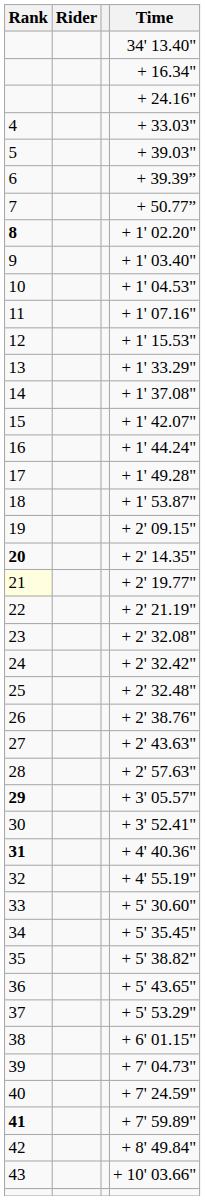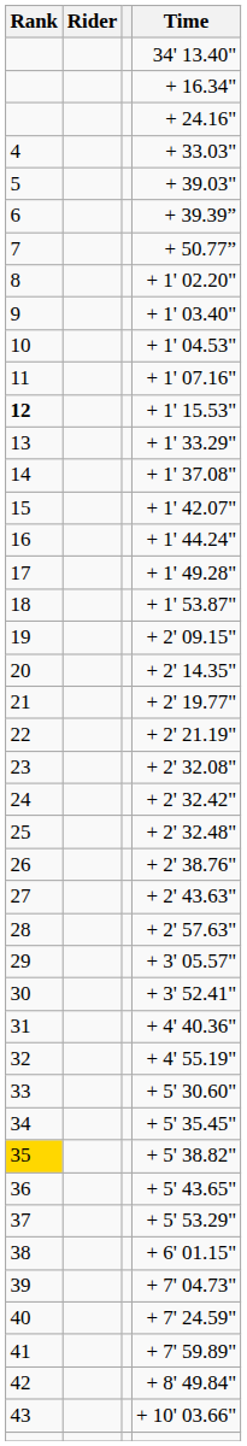 <table class="wikitable sortable">
 <tr>
 <th>Rank</th>
 <th>Rider</th>
 <th></th>
 <th>Time</th>
 </tr>
 <tr>
 <td></td>
 <td></td>
 <td></td>
 <td align="right">34' 13.40"</td>
 </tr>
 <tr>
 <td></td>
 <td></td>
 <td></td>
 <td align="right">+ 16.34"</td>
 </tr>
 <tr>
 <td></td>
 <td></td>
 <td></td>
 <td align="right">+ 24.16"</td>
 </tr>
 <tr>
 <td>4</td>
 <td></td>
 <td></td>
 <td align="right">+ 33.03"</td>
 </tr>
 <tr>
 <td>5</td>
 <td></td>
 <td></td>
 <td align="right">+ 39.03"</td>
 </tr>
 <tr>
 <td>6</td>
 <td></td>
 <td></td>
 <td align="right">+ 39.39”</td>
 </tr>
 <tr>
 <td>7</td>
 <td></td>
 <td></td>
 <td align="right">+ 50.77”</td>
 </tr>
 <tr>
-<td><strong>8</strong></td>
+<td>8</td>
 <td></td>
 <td></td>
 <td align="right">+ 1' 02.20"</td>
 </tr>
 <tr>
 <td>9</td>
 <td></td>
 <td></td>
 <td align="right">+ 1' 03.40"</td>
 </tr>
 <tr>
 <td>10</td>
 <td></td>
 <td></td>
 <td align="right">+ 1' 04.53"</td>
 </tr>
 <tr>
 <td>11</td>
 <td></td>
 <td></td>
 <td align="right">+ 1' 07.16"</td>
 </tr>
 <tr>
-<td>12</td>
+<td><strong>12</strong></td>
 <td></td>
 <td></td>
 <td align="right">+ 1' 15.53"</td>
 </tr>
 <tr>
 <td>13</td>
 <td></td>
 <td></td>
 <td align="right">+ 1' 33.29"</td>
 </tr>
 <tr>
 <td>14</td>
 <td></td>
 <td></td>
 <td align="right">+ 1' 37.08"</td>
 </tr>
 <tr>
 <td>15</td>
 <td></td>
 <td></td>
 <td align="right">+ 1' 42.07"</td>
 </tr>
 <tr>
 <td>16</td>
 <td></td>
 <td></td>
 <td align="right">+ 1' 44.24"</td>
 </tr>
 <tr>
 <td>17</td>
 <td></td>
 <td></td>
 <td align="right">+ 1' 49.28"</td>
 </tr>
 <tr>
 <td>18</td>
 <td></td>
 <td></td>
 <td align="right">+ 1' 53.87"</td>
 </tr>
 <tr>
 <td>19</td>
 <td></td>
 <td></td>
 <td align="right">+ 2' 09.15"</td>
 </tr>
 <tr>
-<td><strong>20</strong></td>
+<td>20</td>
 <td></td>
 <td></td>
 <td align="right">+ 2' 14.35"</td>
 </tr>
 <tr>
-<td style="background: lightyellow;">21</td>
+<td>21</td>
 <td></td>
 <td></td>
 <td align="right">+ 2' 19.77"</td>
 </tr>
 <tr>
 <td>22</td>
 <td></td>
 <td></td>
 <td align="right">+ 2' 21.19"</td>
 </tr>
 <tr>
 <td>23</td>
 <td></td>
 <td></td>
 <td align="right">+ 2' 32.08"</td>
 </tr>
 <tr>
 <td>24</td>
 <td></td>
 <td></td>
 <td align="right">+ 2' 32.42"</td>
 </tr>
 <tr>
 <td>25</td>
 <td></td>
 <td></td>
 <td align="right">+ 2' 32.48"</td>
 </tr>
 <tr>
 <td>26</td>
 <td></td>
 <td></td>
 <td align="right">+ 2' 38.76"</td>
 </tr>
 <tr>
 <td>27</td>
 <td></td>
 <td></td>
 <td align="right">+ 2' 43.63"</td>
 </tr>
 <tr>
 <td>28</td>
 <td></td>
 <td></td>
 <td align="right">+ 2' 57.63"</td>
 </tr>
 <tr>
-<td><strong>29</strong></td>
+<td>29</td>
 <td></td>
 <td></td>
 <td align="right">+ 3' 05.57"</td>
 </tr>
 <tr>
 <td>30</td>
 <td></td>
 <td></td>
 <td align="right">+ 3' 52.41"</td>
 </tr>
 <tr>
-<td><strong>31</strong></td>
+<td>31</td>
 <td></td>
 <td></td>
 <td align="right">+ 4' 40.36"</td>
 </tr>
 <tr>
 <td>32</td>
 <td></td>
 <td></td>
 <td align="right">+ 4' 55.19"</td>
 </tr>
 <tr>
 <td>33</td>
 <td></td>
 <td></td>
 <td align="right">+ 5' 30.60"</td>
 </tr>
 <tr>
 <td>34</td>
 <td></td>
 <td></td>
 <td align="right">+ 5' 35.45"</td>
 </tr>
 <tr>
-<td>35</td>
+<td style="background: gold;">35</td>
 <td></td>
 <td></td>
 <td align="right">+ 5' 38.82"</td>
 </tr>
 <tr>
 <td>36</td>
 <td></td>
 <td></td>
 <td align="right">+ 5' 43.65"</td>
 </tr>
 <tr>
 <td>37</td>
 <td></td>
 <td></td>
 <td align="right">+ 5' 53.29"</td>
 </tr>
 <tr>
 <td>38</td>
 <td></td>
 <td></td>
 <td align="right">+ 6' 01.15"</td>
 </tr>
 <tr>
 <td>39</td>
 <td></td>
 <td></td>
 <td align="right">+ 7' 04.73"</td>
 </tr>
 <tr>
 <td>40</td>
 <td></td>
 <td></td>
 <td align="right">+ 7' 24.59"</td>
 </tr>
 <tr>
-<td><strong>41</strong></td>
+<td>41</td>
 <td></td>
 <td></td>
 <td align="right">+ 7' 59.89"</td>
 </tr>
 <tr>
 <td>42</td>
 <td></td>
 <td></td>
 <td align="right">+ 8' 49.84"</td>
 </tr>
 <tr>
 <td>43</td>
 <td></td>
 <td></td>
 <td align="right">+ 10' 03.66"</td>
 </tr>
 <tr>
 <td></td>
 <td></td>
 <td></td>
 <td align="right"></td>
 </tr>
 </table>
